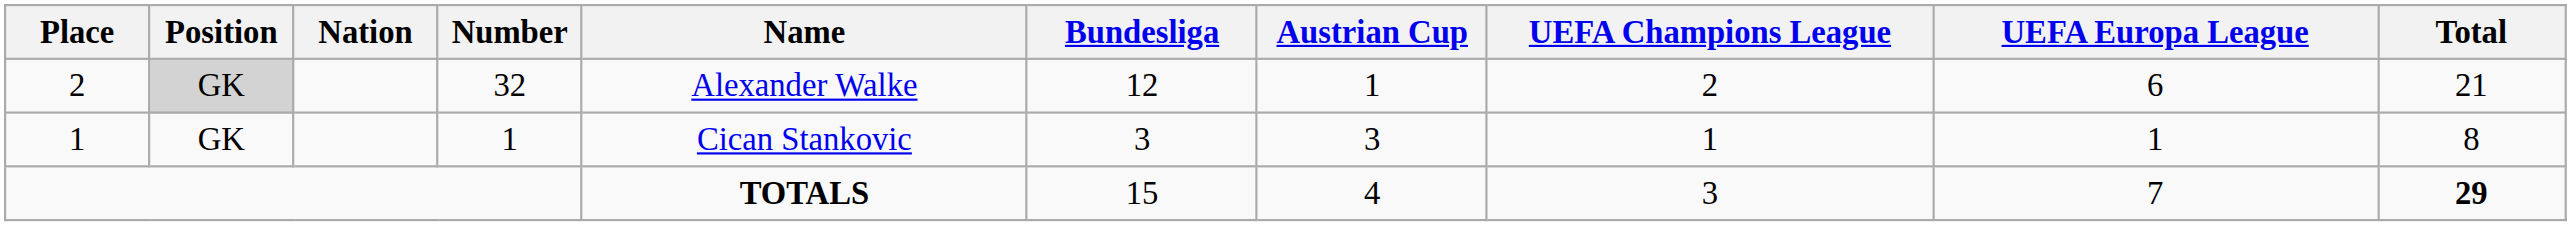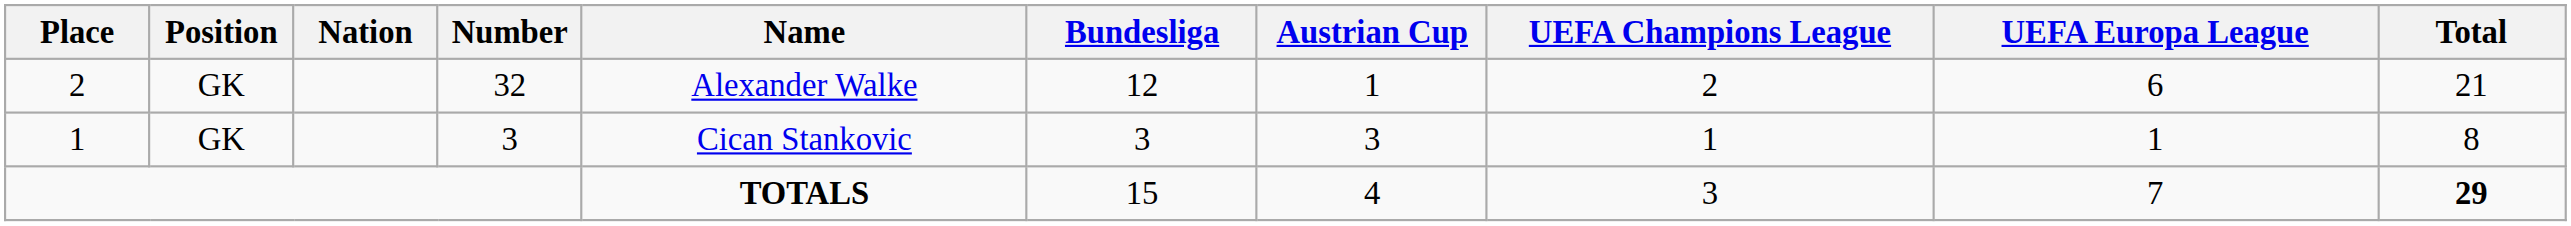 <table class="wikitable" style="font-size: 95%; text-align: center;">
 <tr>
 <th width=60>Place</th>
 <th width=60>Position</th>
 <th width=60>Nation</th>
 <th width=60>Number</th>
 <th width=200>Name</th>
 <th width=100><a href='#'>Bundesliga</a></th>
 <th width=100><a href='#'>Austrian Cup</a></th>
 <th width=200><a href='#'>UEFA Champions League</a></th>
 <th width=200><a href='#'>UEFA Europa League</a></th>
 <th width=80><strong>Total</strong></th>
 </tr>
 <tr>
 <td>2</td>
-<td style="background: lightgrey;">GK</td>
+<td>GK</td>
 <td></td>
 <td>32</td>
 <td><a href='#'>Alexander Walke</a></td>
 <td>12</td>
 <td>1</td>
 <td>2</td>
 <td>6</td>
 <td>21</td>
 </tr>
 <tr>
 <td>1</td>
 <td>GK</td>
 <td></td>
-<td>1</td>
+<td>3</td>
 <td><a href='#'>Cican Stankovic</a></td>
 <td>3</td>
 <td>3</td>
 <td>1</td>
 <td>1</td>
 <td>8</td>
 </tr>
 <tr>
 <td colspan="4"></td>
 <td><strong>TOTALS</strong></td>
 <td>15</td>
 <td>4</td>
 <td>3</td>
 <td>7</td>
 <td><strong>29</strong></td>
 </tr>
 </table>
